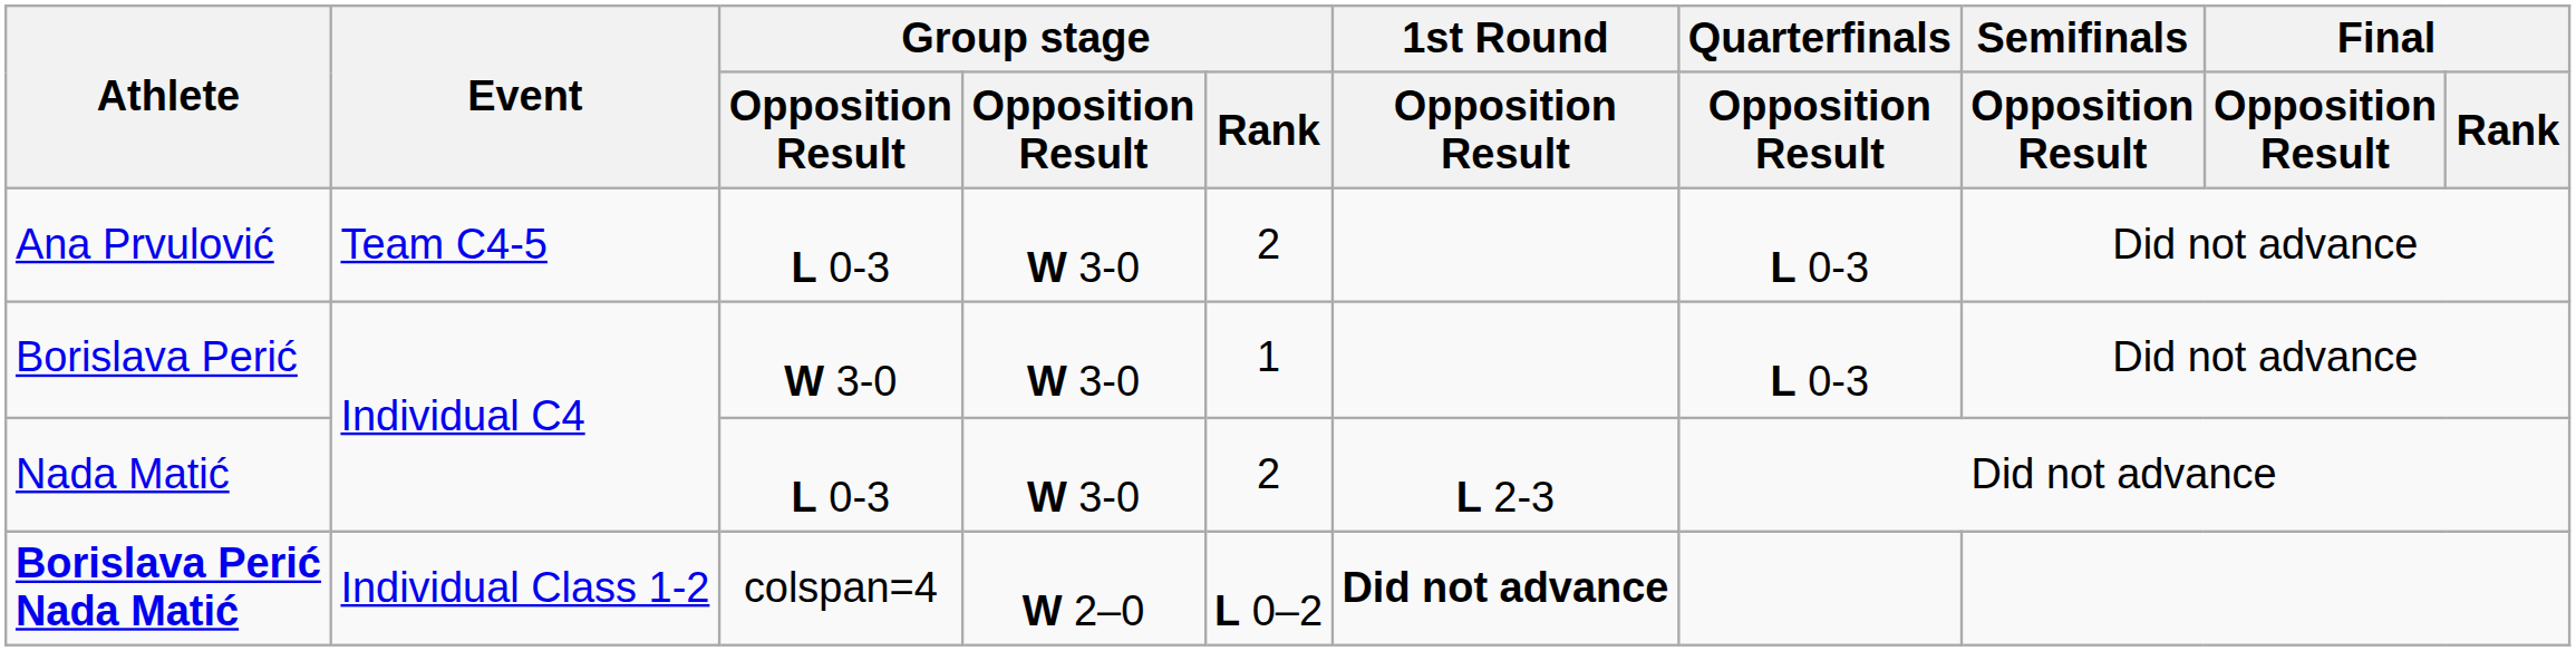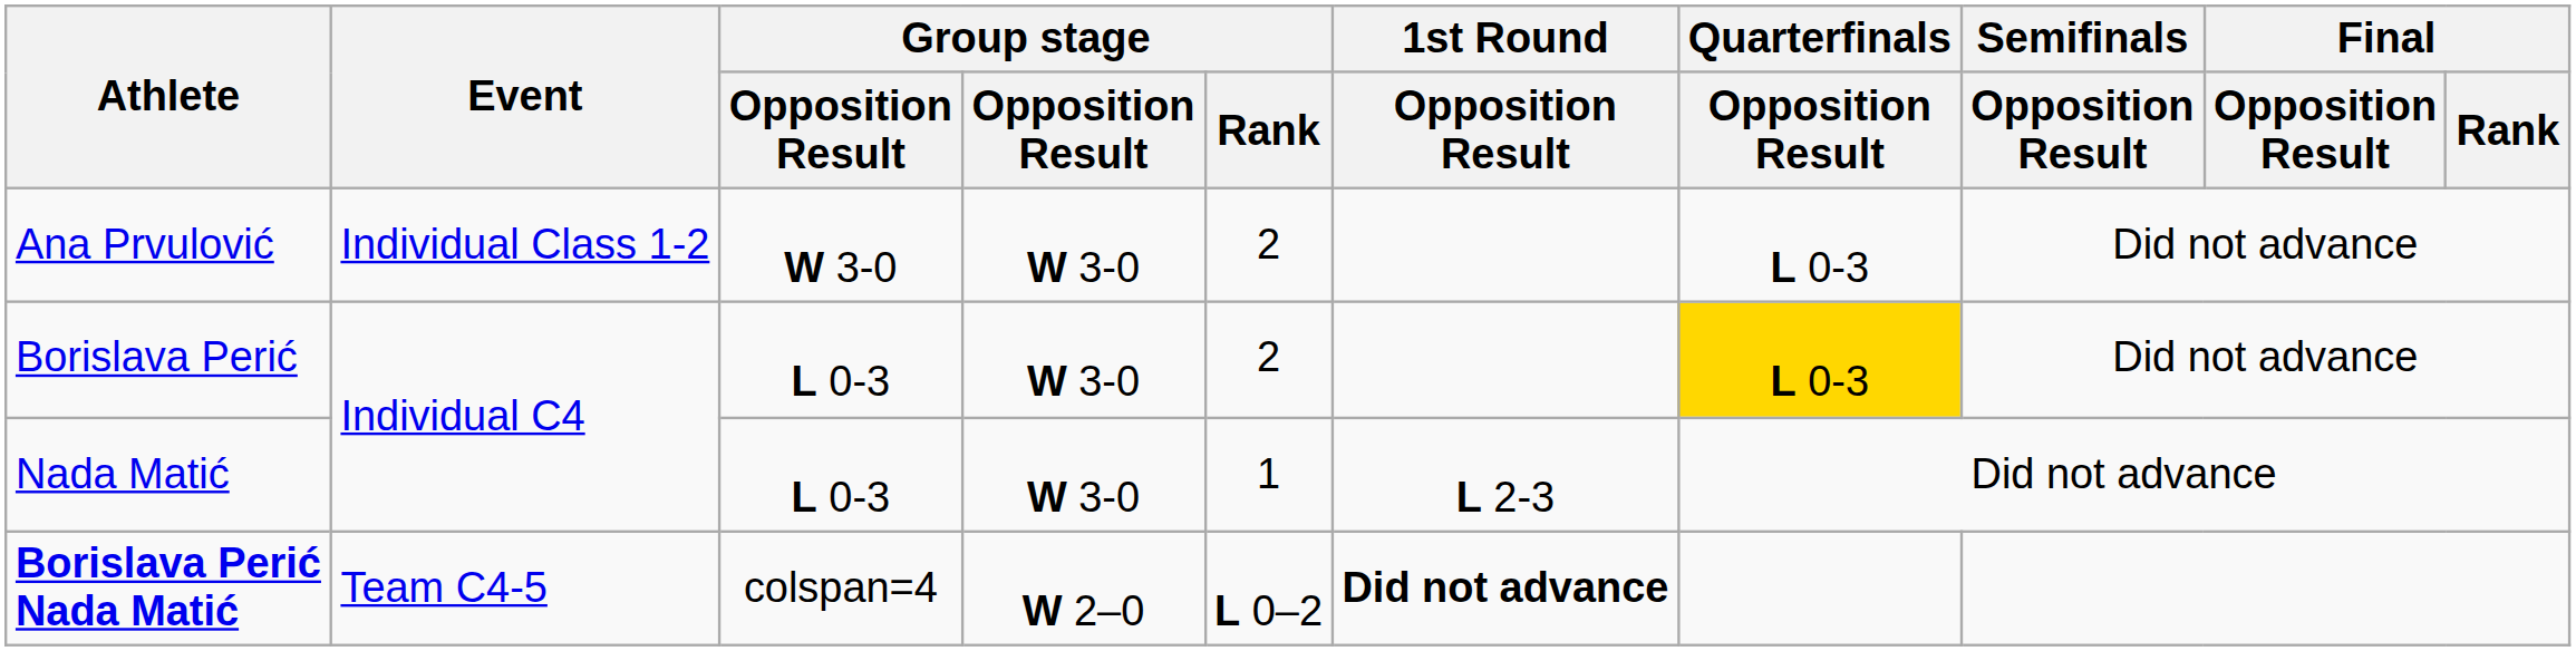 <table class=wikitable>
 <tr>
 <th rowspan="2">Athlete</th>
 <th rowspan="2">Event</th>
 <th colspan="3">Group stage</th>
 <th>1st Round</th>
 <th>Quarterfinals</th>
 <th>Semifinals</th>
 <th colspan="2">Final</th>
 </tr>
 <tr>
 <th>Opposition<br>Result</th>
 <th>Opposition<br>Result</th>
 <th>Rank</th>
 <th>Opposition<br>Result</th>
 <th>Opposition<br>Result</th>
 <th>Opposition<br>Result</th>
 <th>Opposition<br>Result</th>
 <th>Rank</th>
 </tr>
 <tr align=center>
 <td align=left><a href='#'>Ana Prvulović</a></td>
-<td align=left><a href='#'>Team C4-5</a></td>
-<td><br><strong>L</strong> 0-3</td>
+<td><a href='#'>Individual Class 1-2</a></td>
+<td><br><strong>W</strong> 3-0</td>
 <td><br><strong>W</strong> 3-0</td>
 <td>2</td>
 <td></td>
 <td><br><strong>L</strong> 0-3</td>
 <td colspan=3>Did not advance</td>
 </tr>
 <tr align=center>
 <td align=left><a href='#'>Borislava Perić</a></td>
 <td align=left rowspan=2><a href='#'>Individual C4</a></td>
+<td><br><strong>L</strong> 0-3</td>
 <td><br><strong>W</strong> 3-0</td>
-<td><br><strong>W</strong> 3-0</td>
-<td>1</td>
+<td>2</td>
 <td></td>
-<td><br><strong>L</strong> 0-3</td>
+<td style="background: gold;"><br><strong>L</strong> 0-3</td>
 <td colspan=3>Did not advance</td>
 </tr>
 <tr align=center>
 <td align=left><a href='#'>Nada Matić</a></td>
 <td><br><strong>L</strong> 0-3</td>
 <td><br><strong>W</strong> 3-0</td>
-<td>2</td>
+<td>1</td>
 <td><br><strong>L</strong> 2-3</td>
 <td colspan=4>Did not advance</td>
 </tr>
 <tr align=center>
 <td align=left><strong><a href='#'>Borislava Perić</a> <br> <a href='#'>Nada Matić</a></strong></td>
-<td><a href='#'>Individual Class 1-2</a></td>
+<td align=left><a href='#'>Team C4-5</a></td>
 <td>colspan=4</td>
 <td> <br> <strong>W</strong> 2–0</td>
 <td> <br> <strong>L</strong> 0–2</td>
 <td><strong>Did not advance</strong></td>
 <td></td>
 </tr>
 </table>
